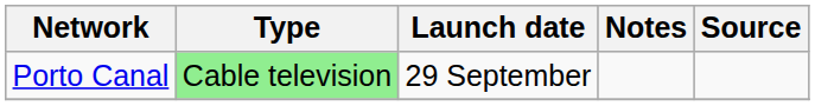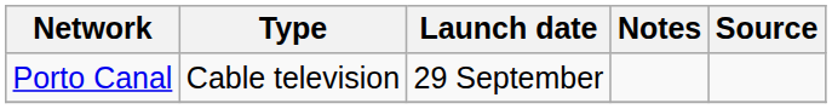 <table class="wikitable sortable">
 <tr>
 <th>Network</th>
 <th>Type</th>
 <th>Launch date</th>
 <th>Notes</th>
 <th>Source</th>
 </tr>
 <tr>
 <td><a href='#'>Porto Canal</a></td>
-<td style="background: lightgreen;">Cable television</td>
+<td>Cable television</td>
 <td>29 September</td>
 <td></td>
 <td></td>
 </tr>
 <tr>
 </tr>
 </table>
